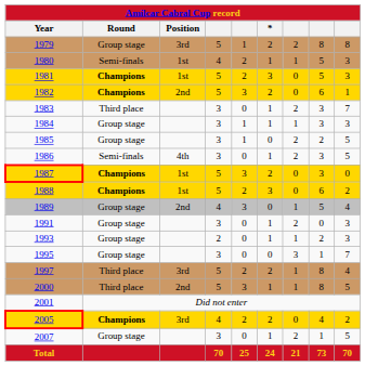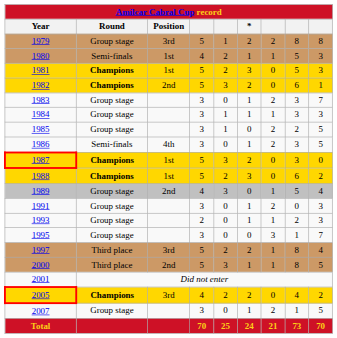 <table class="wikitable" style="font-size:90%; text-align:center;" width="60%">
 <tr>
 <th colspan="9" style="background:#CE1126; color:#FCD116; "><a href='#'><span>Amílcar Cabral Cup</span></a> record</th>
 </tr>
 <tr>
 <th width="15%">Year</th>
 <th width="15%">Round</th>
 <th width="5%">Position</th>
 <th width="5%"></th>
 <th width="5%"></th>
 <th width="5%">*</th>
 <th width="5%"></th>
 <th width="5%"></th>
 <th width="5%"></th>
 </tr>
 <tr style="background:#c96;">
 <td> <a href='#'>1979</a></td>
 <td>Group stage</td>
 <td>3rd</td>
 <td>5</td>
 <td>1</td>
 <td>2</td>
 <td>2</td>
 <td>8</td>
 <td>8</td>
 </tr>
 <tr style="background:#c96;">
 <td> <a href='#'>1980</a></td>
 <td>Semi-finals</td>
 <td>1st</td>
 <td>4</td>
 <td>2</td>
 <td>1</td>
 <td>1</td>
 <td>5</td>
 <td>3</td>
 </tr>
 <tr style="background:gold;">
 <td> <a href='#'>1981</a></td>
 <td><strong>Champions</strong></td>
 <td>1st</td>
 <td>5</td>
 <td>2</td>
 <td>3</td>
 <td>0</td>
 <td>5</td>
 <td>3</td>
 </tr>
 <tr style="background:gold;">
 <td> <a href='#'>1982</a></td>
 <td><strong>Champions</strong></td>
 <td>2nd</td>
 <td>5</td>
 <td>3</td>
 <td>2</td>
 <td>0</td>
 <td>6</td>
 <td>1</td>
 </tr>
 <tr>
 <td> <a href='#'>1983</a></td>
-<td>Third place</td>
+<td>Group stage</td>
 <td></td>
 <td>3</td>
 <td>0</td>
 <td>1</td>
 <td>2</td>
 <td>3</td>
 <td>7</td>
 </tr>
 <tr>
 <td> <a href='#'>1984</a></td>
 <td>Group stage</td>
 <td></td>
 <td>3</td>
 <td>1</td>
 <td>1</td>
 <td>1</td>
 <td>3</td>
 <td>3</td>
 </tr>
 <tr>
 <td> <a href='#'>1985</a></td>
 <td>Group stage</td>
 <td></td>
 <td>3</td>
 <td>1</td>
 <td>0</td>
 <td>2</td>
 <td>2</td>
 <td>5</td>
 </tr>
 <tr>
 <td> <a href='#'>1986</a></td>
 <td>Semi-finals</td>
 <td>4th</td>
 <td>3</td>
 <td>0</td>
 <td>1</td>
 <td>2</td>
 <td>3</td>
 <td>5</td>
 </tr>
 <tr style="background:gold;">
 <td style="border: 3px solid red "> <a href='#'>1987</a></td>
 <td><strong>Champions</strong></td>
 <td>1st</td>
 <td>5</td>
 <td>3</td>
 <td>2</td>
 <td>0</td>
 <td>3</td>
 <td>0</td>
 </tr>
 <tr style="background:gold;">
 <td> <a href='#'>1988</a></td>
 <td><strong>Champions</strong></td>
 <td>1st</td>
 <td>5</td>
 <td>2</td>
 <td>3</td>
 <td>0</td>
 <td>6</td>
 <td>2</td>
 </tr>
 <tr style="background:silver;">
 <td> <a href='#'>1989</a></td>
 <td>Group stage</td>
 <td>2nd</td>
 <td>4</td>
 <td>3</td>
 <td>0</td>
 <td>1</td>
 <td>5</td>
 <td>4</td>
 </tr>
 <tr>
 <td> <a href='#'>1991</a></td>
 <td>Group stage</td>
 <td></td>
 <td>3</td>
 <td>0</td>
 <td>1</td>
 <td>2</td>
 <td>0</td>
 <td>3</td>
 </tr>
 <tr>
 <td> <a href='#'>1993</a></td>
 <td>Group stage</td>
 <td></td>
 <td>2</td>
 <td>0</td>
 <td>1</td>
 <td>1</td>
 <td>2</td>
 <td>3</td>
 </tr>
 <tr>
 <td> <a href='#'>1995</a></td>
 <td>Group stage</td>
 <td></td>
 <td>3</td>
 <td>0</td>
 <td>0</td>
 <td>3</td>
 <td>1</td>
 <td>7</td>
 </tr>
 <tr style="background:#c96;">
 <td> <a href='#'>1997</a></td>
 <td>Third place</td>
 <td>3rd</td>
 <td>5</td>
 <td>2</td>
 <td>2</td>
 <td>1</td>
 <td>8</td>
 <td>4</td>
 </tr>
 <tr style="background:#c96;">
 <td> <a href='#'>2000</a></td>
 <td>Third place</td>
 <td>2nd</td>
 <td>5</td>
 <td>3</td>
 <td>1</td>
 <td>1</td>
 <td>8</td>
 <td>5</td>
 </tr>
 <tr>
 <td> <a href='#'>2001</a></td>
 <td colspan="8"><em>Did not enter</em></td>
 </tr>
 <tr style="background:gold;">
 <td style="border: 3px solid red "> <a href='#'>2005</a></td>
 <td><strong>Champions</strong></td>
 <td>3rd</td>
 <td>4</td>
 <td>2</td>
 <td>2</td>
 <td>0</td>
 <td>4</td>
 <td>2</td>
 </tr>
 <tr>
 <td> <a href='#'>2007</a></td>
 <td>Group stage</td>
 <td></td>
 <td>3</td>
 <td>0</td>
 <td>1</td>
 <td>2</td>
 <td>1</td>
 <td>5</td>
 </tr>
 <tr>
 <th style="background:#CE1126; color:#FCD116; ">Total</th>
 <th style="background:#CE1126; color:#FCD116; "></th>
 <th style="background:#CE1126; color:#FCD116; "></th>
 <th style="background:#CE1126; color:#FCD116; ">70</th>
 <th style="background:#CE1126; color:#FCD116; ">25</th>
 <th style="background:#CE1126; color:#FCD116; ">24</th>
 <th style="background:#CE1126; color:#FCD116; ">21</th>
 <th style="background:#CE1126; color:#FCD116; ">73</th>
 <th style="background:#CE1126; color:#FCD116; ">70</th>
 </tr>
 </table>
